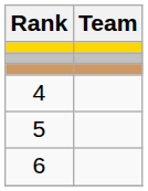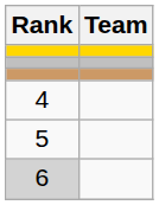 <table class="wikitable" border="1">
 <tr>
 <th>Rank</th>
 <th>Team</th>
 </tr>
 <tr bgcolor=gold>
 <td align=center></td>
 <td></td>
 </tr>
 <tr bgcolor=silver>
 <td align=center></td>
 <td></td>
 </tr>
 <tr bgcolor=cc9966>
 <td align=center></td>
 <td></td>
 </tr>
 <tr>
 <td align=center>4</td>
 <td></td>
 </tr>
 <tr>
 <td align=center>5</td>
 <td></td>
 </tr>
 <tr>
-<td align=center>6</td>
+<td align=center style="background: lightgrey;">6</td>
 <td></td>
 </tr>
 <tr>
 </tr>
 </table>
